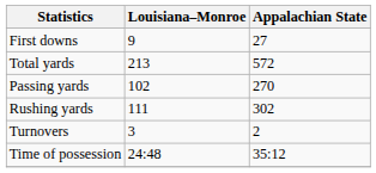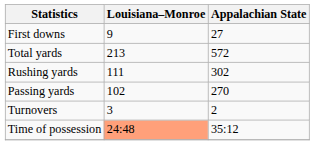 <table class="wikitable" style="float: right;">
 <tr>
 <th>Statistics</th>
 <th>Louisiana–Monroe</th>
 <th>Appalachian State</th>
 </tr>
 <tr>
 <td>First downs</td>
 <td>9</td>
 <td>27</td>
 </tr>
 <tr>
 <td>Total yards</td>
 <td>213</td>
 <td>572</td>
 </tr>
 <tr>
+<td>Rushing yards</td>
+<td>111</td>
+<td>302</td>
+</tr>
+<tr>
 <td>Passing yards</td>
 <td>102</td>
 <td>270</td>
-</tr>
-<tr>
-<td>Rushing yards</td>
-<td>111</td>
-<td>302</td>
 </tr>
 <tr>
 <td>Turnovers</td>
 <td>3</td>
 <td>2</td>
 </tr>
 <tr>
 <td>Time of possession</td>
-<td>24:48</td>
+<td style="background: lightsalmon;">24:48</td>
 <td>35:12</td>
 </tr>
 <tr>
 </tr>
 </table>
